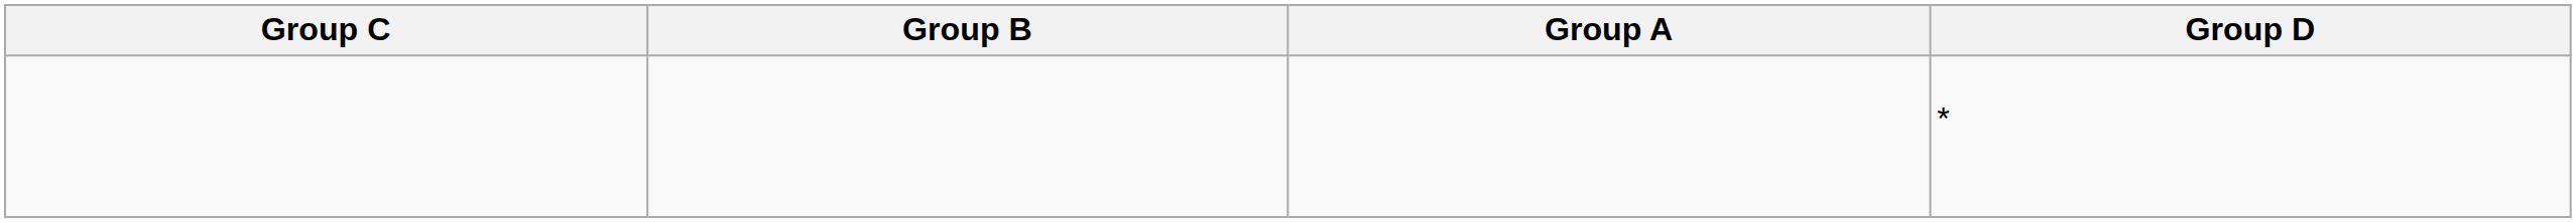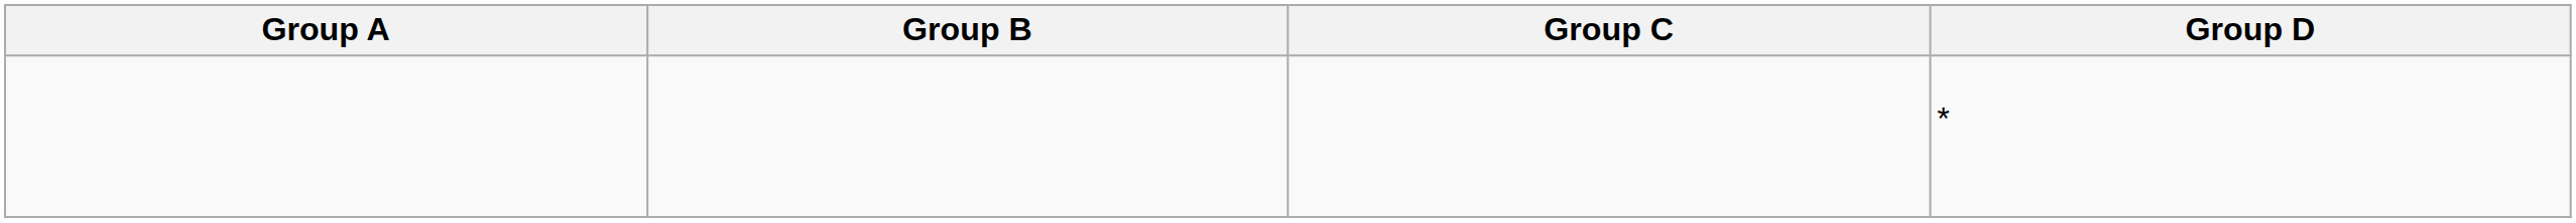 <table class="wikitable" width=80%>
 <tr>
+<th width=25%>Group A</th>
+<th width=25%>Group B</th>
 <th width=25%>Group C</th>
-<th width=25%>Group B</th>
-<th width=25%>Group A</th>
 <th width=25%>Group D</th>
 </tr>
 <tr>
+<td><br><br> <br> <br> </td>
 <td><br><br> <br> <br>  </td>
 <td><br><br> <br> <br>  </td>
-<td><br><br> <br> <br> </td>
 <td><br><s></s> *<br> <br> <br> </td>
 </tr>
 </table>
